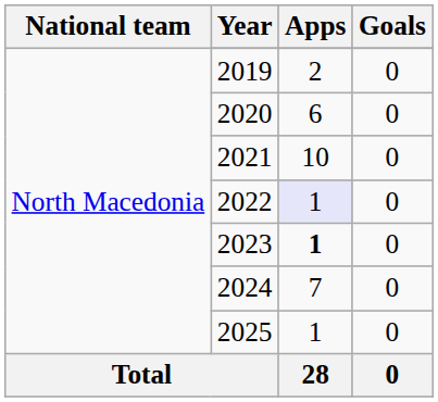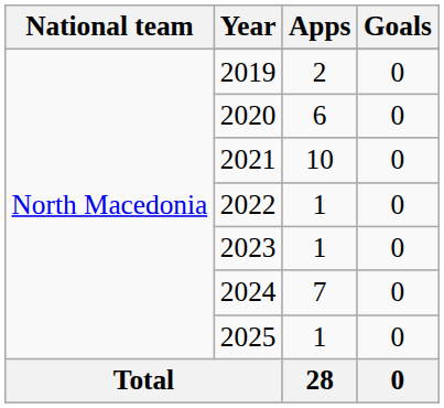 <table class="wikitable" style="text-align:center">
 <tr>
 <th>National team</th>
 <th>Year</th>
 <th>Apps</th>
 <th>Goals</th>
 </tr>
 <tr>
 <td rowspan=8><a href='#'>North Macedonia</a></td>
 </tr>
 <tr>
 <td>2019</td>
 <td>2</td>
 <td>0</td>
 </tr>
 <tr>
 <td>2020</td>
 <td>6</td>
 <td>0</td>
 </tr>
 <tr>
 <td>2021</td>
 <td>10</td>
 <td>0</td>
 </tr>
 <tr>
 <td>2022</td>
-<td style="background: lavender;">1</td>
+<td>1</td>
 <td>0</td>
 </tr>
 <tr>
 <td>2023</td>
-<td><strong>1</strong></td>
+<td>1</td>
 <td>0</td>
 </tr>
 <tr>
 <td>2024</td>
 <td>7</td>
 <td>0</td>
 </tr>
 <tr>
 <td>2025</td>
 <td>1</td>
 <td>0</td>
 </tr>
 <tr>
 <th colspan="2">Total</th>
 <th>28</th>
 <th>0</th>
 </tr>
 </table>
